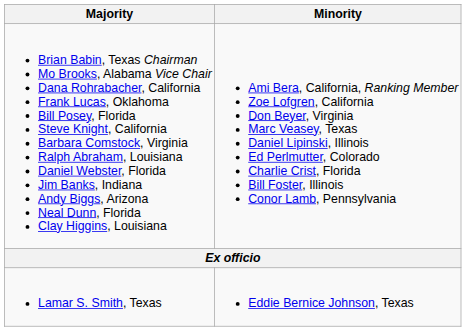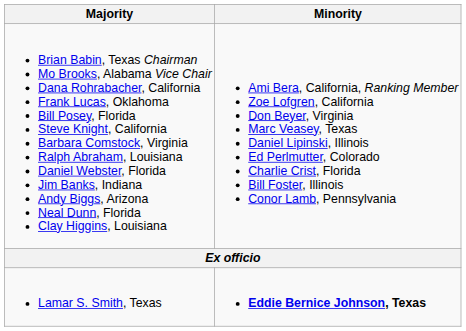 <table class=wikitable>
 <tr>
 <th>Majority</th>
 <th>Minority</th>
 </tr>
 <tr>
 <td><br><ul><li><a href='#'>Brian Babin</a>, Texas <em>Chairman</em></li><li><a href='#'>Mo Brooks</a>, Alabama <em>Vice Chair</em></li><li><a href='#'>Dana Rohrabacher</a>, California</li><li><a href='#'>Frank Lucas</a>, Oklahoma</li><li><a href='#'>Bill Posey</a>, Florida</li><li><a href='#'>Steve Knight</a>, California</li><li><a href='#'>Barbara Comstock</a>, Virginia</li><li><a href='#'>Ralph Abraham</a>, Louisiana</li><li><a href='#'>Daniel Webster</a>, Florida</li><li><a href='#'>Jim Banks</a>, Indiana</li><li><a href='#'>Andy Biggs</a>, Arizona</li><li><a href='#'>Neal Dunn</a>, Florida</li><li><a href='#'>Clay Higgins</a>, Louisiana</li></ul></td>
 <td><br><ul><li><a href='#'>Ami Bera</a>, California, <em>Ranking Member</em></li><li><a href='#'>Zoe Lofgren</a>, California</li><li><a href='#'>Don Beyer</a>, Virginia</li><li><a href='#'>Marc Veasey</a>, Texas</li><li><a href='#'>Daniel Lipinski</a>, Illinois</li><li><a href='#'>Ed Perlmutter</a>, Colorado</li><li><a href='#'>Charlie Crist</a>, Florida</li><li><a href='#'>Bill Foster</a>, Illinois</li><li><a href='#'>Conor Lamb</a>, Pennsylvania</li></ul></td>
 </tr>
 <tr>
 <th colspan=2><em>Ex officio</em></th>
 </tr>
 <tr>
 <td><br><ul><li><a href='#'>Lamar S. Smith</a>, Texas</li></ul></td>
-<td><br><ul><li><a href='#'>Eddie Bernice Johnson</a>, Texas</li></ul></td>
+<td><strong><br><ul><li><a href='#'>Eddie Bernice Johnson</a>, Texas</li></ul></strong></td>
 </tr>
 </table>
